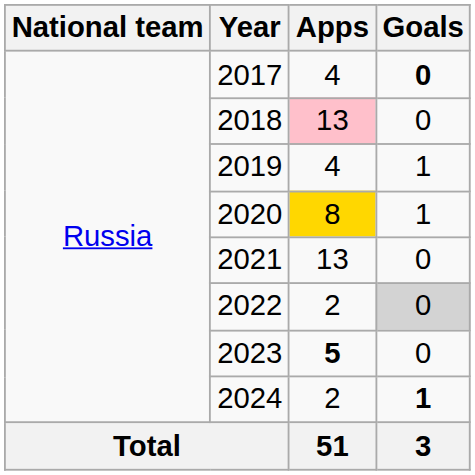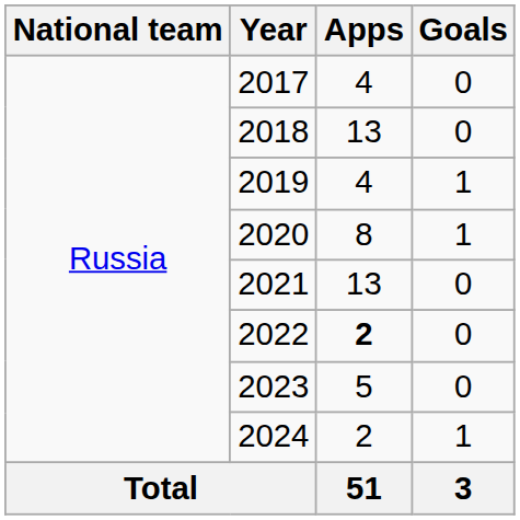 <table class="wikitable" style="text-align:center">
 <tr>
 <th>National team</th>
 <th>Year</th>
 <th>Apps</th>
 <th>Goals</th>
 </tr>
 <tr>
 <td rowspan="8"><a href='#'>Russia</a></td>
 <td>2017</td>
 <td>4</td>
-<td><strong>0</strong></td>
+<td>0</td>
 </tr>
 <tr>
 <td>2018</td>
-<td style="background: pink;">13</td>
+<td>13</td>
 <td>0</td>
 </tr>
 <tr>
 <td>2019</td>
 <td>4</td>
 <td>1</td>
 </tr>
 <tr>
 <td>2020</td>
-<td style="background: gold;">8</td>
+<td>8</td>
 <td>1</td>
 </tr>
 <tr>
 <td>2021</td>
 <td>13</td>
 <td>0</td>
 </tr>
 <tr>
 <td>2022</td>
-<td>2</td>
-<td style="background: lightgrey;">0</td>
+<td><strong>2</strong></td>
+<td>0</td>
 </tr>
 <tr>
 <td>2023</td>
-<td><strong>5</strong></td>
+<td>5</td>
 <td>0</td>
 </tr>
 <tr>
 <td>2024</td>
 <td>2</td>
-<td><strong>1</strong></td>
+<td>1</td>
 </tr>
 <tr>
 <th colspan="2">Total</th>
 <th>51</th>
 <th>3</th>
 </tr>
 </table>
